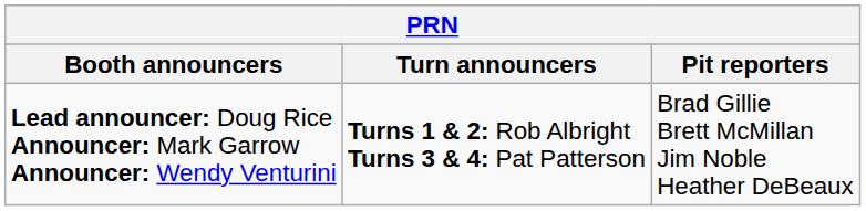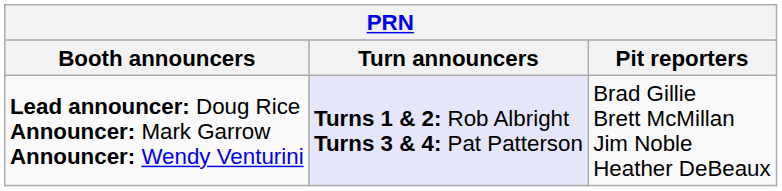 <table class="wikitable" style="font-size: 95%">
 <tr>
 <th colspan="3"><a href='#'>PRN</a></th>
 </tr>
 <tr>
 <th>Booth announcers</th>
 <th>Turn announcers</th>
 <th>Pit reporters</th>
 </tr>
 <tr>
 <td><strong>Lead announcer:</strong> Doug Rice<br><strong>Announcer:</strong> Mark Garrow<br><strong>Announcer:</strong> <a href='#'>Wendy Venturini</a></td>
-<td><strong>Turns 1 & 2:</strong> Rob Albright<br><strong>Turns 3 & 4:</strong> Pat Patterson</td>
+<td style="background: lavender;"><strong>Turns 1 & 2:</strong> Rob Albright<br><strong>Turns 3 & 4:</strong> Pat Patterson</td>
 <td>Brad Gillie<br>Brett McMillan<br>Jim Noble<br>Heather DeBeaux</td>
 </tr>
 </table>
